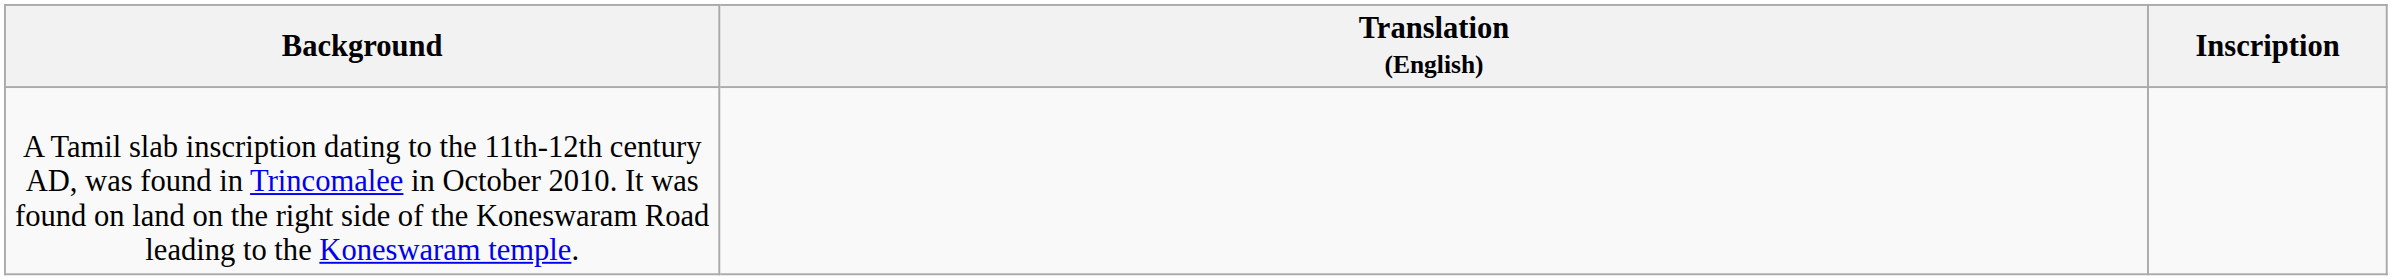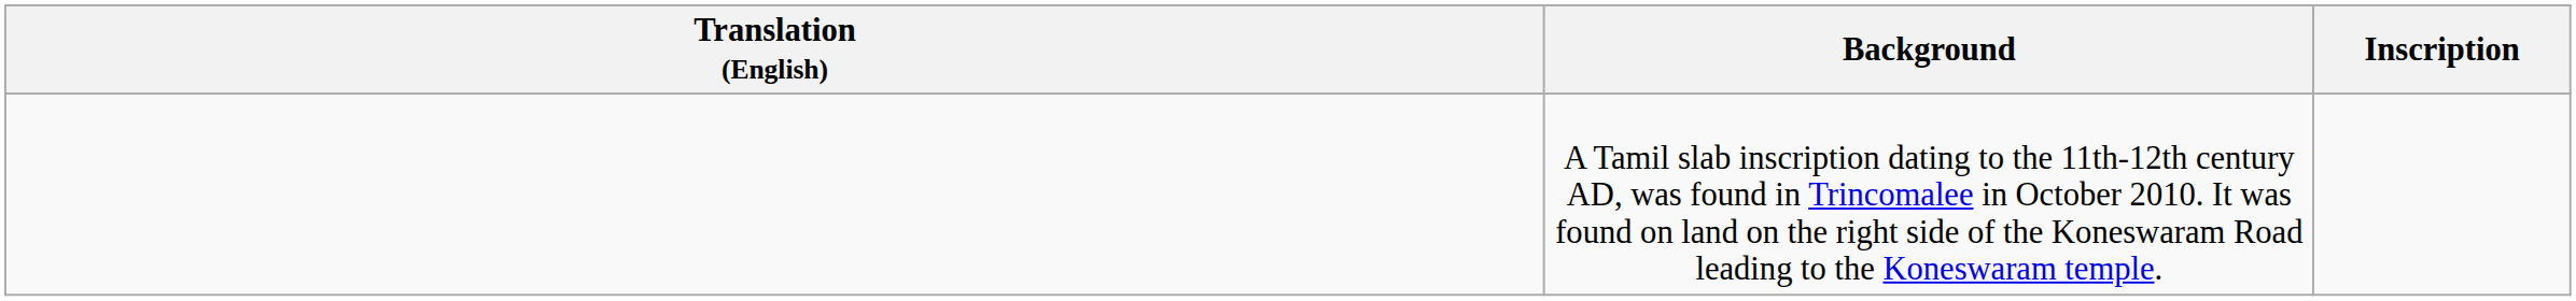 <table class="wikitable centre">
 <tr>
+<th>Translation<br><small>(English)</small></th>
 <th scope="col" align=left>Background<br></th>
-<th>Translation<br><small>(English)</small></th>
 <th>Inscription<br></th>
 </tr>
 <tr>
+<td align=left></td>
 <td align=center width="30%"><br>A Tamil slab inscription dating to the 11th-12th century AD, was found in <a href='#'>Trincomalee</a> in October 2010. It was found on land on the right side of the Koneswaram Road leading to the <a href='#'>Koneswaram temple</a>.</td>
-<td align=left></td>
 <td align=center width="10%"><br>  </td>
 </tr>
 </table>
